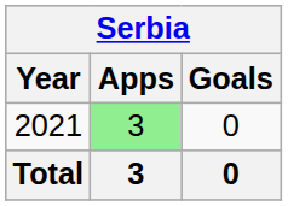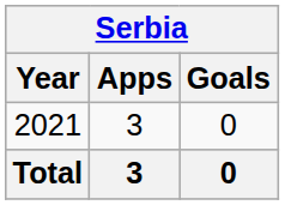 <table class="wikitable" style="text-align:center">
 <tr>
 <th colspan=3><a href='#'>Serbia</a></th>
 </tr>
 <tr>
 <th>Year</th>
 <th>Apps</th>
 <th>Goals</th>
 </tr>
 <tr>
 <td>2021</td>
-<td style="background: lightgreen;">3</td>
+<td>3</td>
 <td>0</td>
 </tr>
 <tr>
 <th>Total</th>
 <th>3</th>
 <th>0</th>
 </tr>
 </table>
